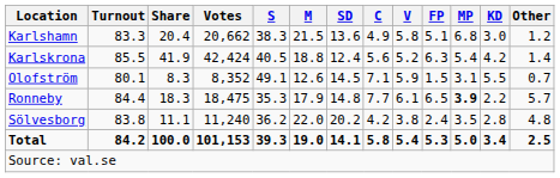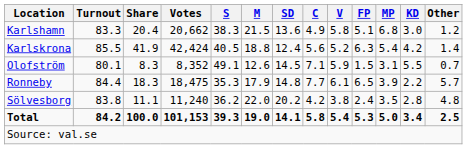 <table class="wikitable sortable" style=text-align:right>
 <tr>
 <th>Location</th>
 <th>Turnout</th>
 <th>Share</th>
 <th>Votes</th>
 <th><a href='#'>S</a></th>
 <th><a href='#'>M</a></th>
 <th><a href='#'>SD</a></th>
 <th><a href='#'>C</a></th>
 <th><a href='#'>V</a></th>
 <th><a href='#'>FP</a></th>
 <th><a href='#'>MP</a></th>
 <th><a href='#'>KD</a></th>
 <th>Other</th>
 </tr>
 <tr>
 <td align=left><a href='#'>Karlshamn</a></td>
 <td>83.3</td>
 <td>20.4</td>
 <td>20,662</td>
 <td>38.3</td>
 <td>21.5</td>
 <td>13.6</td>
 <td>4.9</td>
 <td>5.8</td>
 <td>5.1</td>
 <td>6.8</td>
 <td>3.0</td>
 <td>1.2</td>
 </tr>
 <tr>
 <td align=left><a href='#'>Karlskrona</a></td>
 <td>85.5</td>
 <td>41.9</td>
 <td>42,424</td>
 <td>40.5</td>
 <td>18.8</td>
 <td>12.4</td>
 <td>5.6</td>
 <td>5.2</td>
 <td>6.3</td>
 <td>5.4</td>
 <td>4.2</td>
 <td>1.4</td>
 </tr>
 <tr>
 <td align=left><a href='#'>Olofström</a></td>
 <td>80.1</td>
 <td>8.3</td>
 <td>8,352</td>
 <td>49.1</td>
 <td>12.6</td>
 <td>14.5</td>
 <td>7.1</td>
 <td>5.9</td>
 <td>1.5</td>
 <td>3.1</td>
 <td>5.5</td>
 <td>0.7</td>
 </tr>
 <tr>
 <td align=left><a href='#'>Ronneby</a></td>
 <td>84.4</td>
 <td>18.3</td>
 <td>18,475</td>
 <td>35.3</td>
 <td>17.9</td>
 <td>14.8</td>
 <td>7.7</td>
 <td>6.1</td>
 <td>6.5</td>
-<td><strong>3.9</strong></td>
+<td>3.9</td>
 <td>2.2</td>
 <td>5.7</td>
 </tr>
 <tr>
 <td align=left><a href='#'>Sölvesborg</a></td>
 <td>83.8</td>
 <td>11.1</td>
 <td>11,240</td>
 <td>36.2</td>
 <td>22.0</td>
 <td>20.2</td>
 <td>4.2</td>
 <td>3.8</td>
 <td>2.4</td>
 <td>3.5</td>
 <td>2.8</td>
 <td>4.8</td>
 </tr>
 <tr>
 <td align=left><strong>Total</strong></td>
 <td><strong>84.2</strong></td>
 <td><strong>100.0</strong></td>
 <td><strong>101,153</strong></td>
 <td><strong>39.3</strong></td>
 <td><strong>19.0</strong></td>
 <td><strong>14.1</strong></td>
 <td><strong>5.8</strong></td>
 <td><strong>5.4</strong></td>
 <td><strong>5.3</strong></td>
 <td><strong>5.0</strong></td>
 <td><strong>3.4</strong></td>
 <td><strong>2.5</strong></td>
 </tr>
 <tr>
 <td align=left colspan=13>Source: val.se</td>
 </tr>
 </table>
